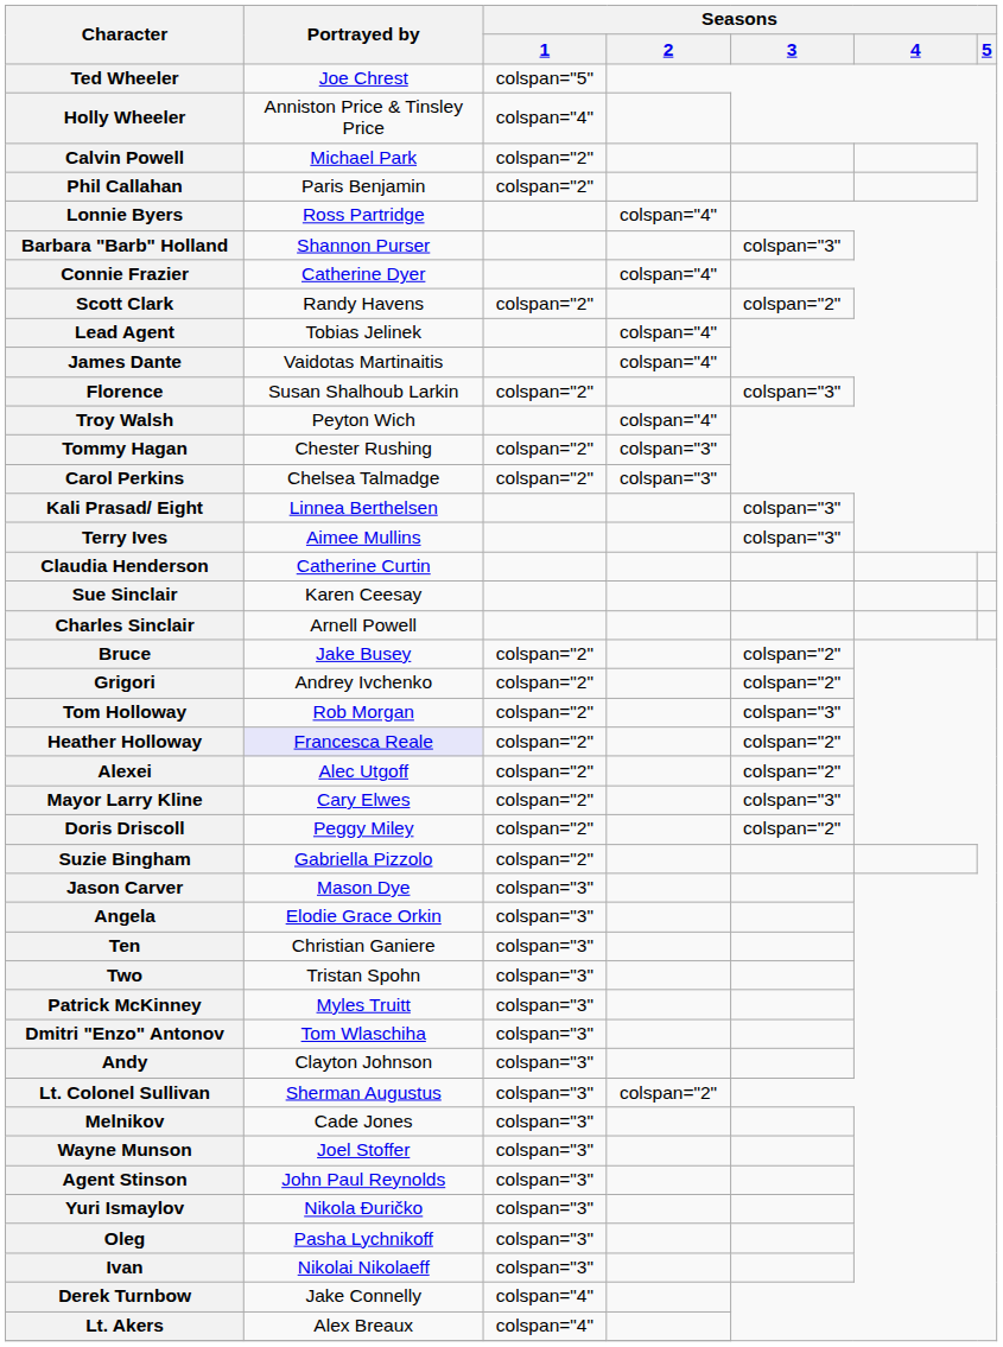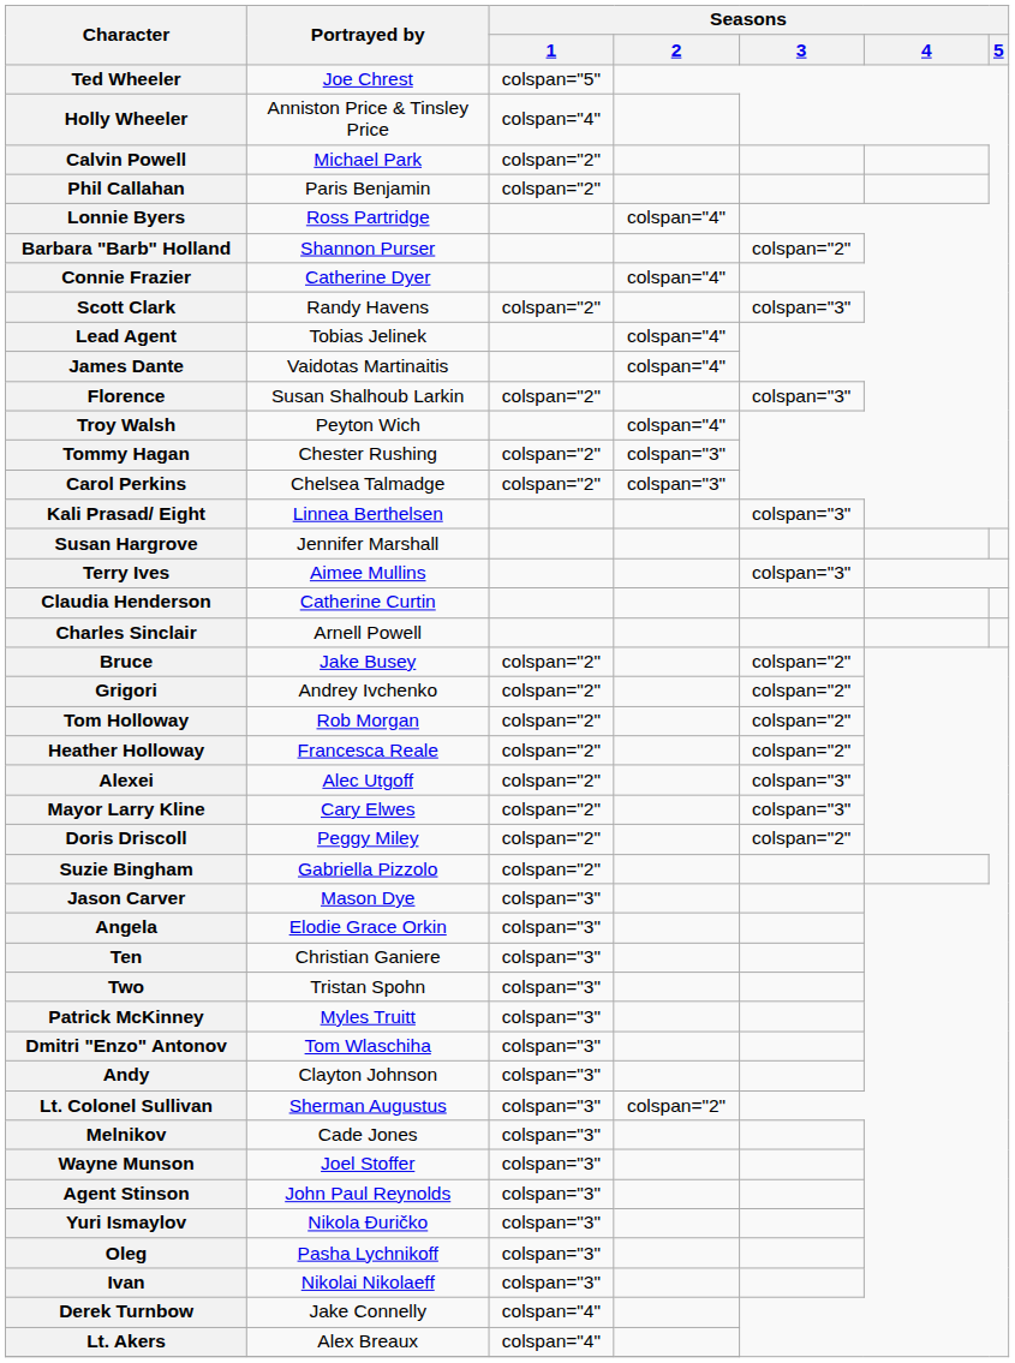 <table class="wikitable plainrowheaders" style="text-align:center">
 <tr>
 <th scope="col" rowspan="2" style="width:200px;">Character</th>
 <th scope="col" rowspan="2" style="width:200px;">Portrayed by</th>
 <th colspan="5" scope="col">Seasons</th>
 </tr>
 <tr>
 <th scope="col" style="width:100px;"><a href='#'>1</a></th>
 <th scope="col" style="width:100px;"><a href='#'>2</a></th>
 <th scope="col" style="width:100px;"><a href='#'>3</a></th>
 <th scope="col" style="width:100px;"><a href='#'>4</a></th>
 <th><a href='#'>5</a></th>
 </tr>
 <tr>
 <th scope="row">Ted Wheeler</th>
 <td><a href='#'>Joe Chrest</a></td>
 <td>colspan="5" </td>
 </tr>
 <tr>
 <th scope="row">Holly Wheeler</th>
 <td>Anniston Price & Tinsley Price</td>
 <td>colspan="4" </td>
 <td></td>
 </tr>
 <tr>
 <th scope="row">Calvin Powell</th>
 <td><a href='#'>Michael Park</a></td>
 <td>colspan="2" </td>
 <td></td>
 <td></td>
 <td></td>
 </tr>
 <tr>
 <th scope="row">Phil Callahan</th>
 <td>Paris Benjamin</td>
 <td>colspan="2" </td>
 <td></td>
 <td></td>
 <td></td>
 </tr>
 <tr>
 <th scope="row">Lonnie Byers</th>
 <td><a href='#'>Ross Partridge</a></td>
 <td></td>
 <td>colspan="4" </td>
 </tr>
 <tr>
 <th scope="row">Barbara "Barb" Holland</th>
 <td><a href='#'>Shannon Purser</a></td>
 <td></td>
 <td></td>
-<td>colspan="3" </td>
+<td>colspan="2" </td>
 </tr>
 <tr>
 <th scope="row">Connie Frazier</th>
 <td><a href='#'>Catherine Dyer</a></td>
 <td></td>
 <td>colspan="4" </td>
 </tr>
 <tr>
 <th scope="row">Scott Clark</th>
 <td>Randy Havens</td>
 <td>colspan="2" </td>
 <td></td>
-<td>colspan="2" </td>
+<td>colspan="3" </td>
 </tr>
 <tr>
 <th scope="row">Lead Agent</th>
 <td>Tobias Jelinek</td>
 <td></td>
 <td>colspan="4" </td>
 </tr>
 <tr>
 <th scope="row">James Dante</th>
 <td>Vaidotas Martinaitis</td>
 <td></td>
 <td>colspan="4" </td>
 </tr>
 <tr>
 <th scope="row">Florence</th>
 <td>Susan Shalhoub Larkin</td>
 <td>colspan="2" </td>
 <td></td>
 <td>colspan="3" </td>
 </tr>
 <tr>
 <th scope="row">Troy Walsh</th>
 <td>Peyton Wich</td>
 <td></td>
 <td>colspan="4" </td>
 </tr>
 <tr>
 <th scope="row">Tommy Hagan</th>
 <td>Chester Rushing</td>
 <td>colspan="2" </td>
 <td>colspan="3" </td>
 </tr>
 <tr>
 <th scope="row">Carol Perkins</th>
 <td>Chelsea Talmadge</td>
 <td>colspan="2" </td>
 <td>colspan="3" </td>
 </tr>
 <tr>
 <th scope="row">Kali Prasad/ Eight</th>
 <td><a href='#'>Linnea Berthelsen</a></td>
 <td></td>
 <td></td>
 <td>colspan="3" </td>
 </tr>
 <tr>
+<th scope="row">Susan Hargrove</th>
+<td>Jennifer Marshall</td>
+<td></td>
+<td></td>
+<td></td>
+<td></td>
+<td></td>
+</tr>
+<tr>
 <th scope="row">Terry Ives</th>
 <td><a href='#'>Aimee Mullins</a></td>
 <td></td>
 <td></td>
 <td>colspan="3" </td>
 </tr>
 <tr>
 <th scope="row">Claudia Henderson</th>
 <td><a href='#'>Catherine Curtin</a></td>
-<td></td>
-<td></td>
-<td></td>
-<td></td>
-<td></td>
-</tr>
-<tr>
-<th scope="row">Sue Sinclair</th>
-<td>Karen Ceesay</td>
 <td></td>
 <td></td>
 <td></td>
 <td></td>
 <td></td>
 </tr>
 <tr>
 <th scope="row">Charles Sinclair</th>
 <td>Arnell Powell</td>
 <td></td>
 <td></td>
 <td></td>
 <td></td>
 <td></td>
 </tr>
 <tr>
 <th scope="row">Bruce</th>
 <td><a href='#'>Jake Busey</a></td>
 <td>colspan="2" </td>
 <td></td>
 <td>colspan="2" </td>
 </tr>
 <tr>
 <th scope="row">Grigori</th>
 <td>Andrey Ivchenko</td>
 <td>colspan="2" </td>
 <td></td>
 <td>colspan="2" </td>
 </tr>
 <tr>
 <th scope="row">Tom Holloway</th>
 <td><a href='#'>Rob Morgan</a></td>
 <td>colspan="2" </td>
 <td></td>
-<td>colspan="3" </td>
+<td>colspan="2" </td>
 </tr>
 <tr>
 <th scope="row">Heather Holloway</th>
-<td style="background: lavender;"><a href='#'>Francesca Reale</a></td>
+<td><a href='#'>Francesca Reale</a></td>
 <td>colspan="2" </td>
 <td></td>
 <td>colspan="2"</td>
 </tr>
 <tr>
 <th scope="row">Alexei</th>
 <td><a href='#'>Alec Utgoff</a></td>
 <td>colspan="2" </td>
 <td></td>
-<td>colspan="2" </td>
+<td>colspan="3" </td>
 </tr>
 <tr>
 <th scope="row">Mayor Larry Kline</th>
 <td><a href='#'>Cary Elwes</a></td>
 <td>colspan="2" </td>
 <td></td>
 <td>colspan="3" </td>
 </tr>
 <tr>
 <th scope="row">Doris Driscoll</th>
 <td><a href='#'>Peggy Miley</a></td>
 <td>colspan="2" </td>
 <td></td>
 <td>colspan="2"</td>
 </tr>
 <tr>
 <th scope="row">Suzie Bingham</th>
 <td><a href='#'>Gabriella Pizzolo</a></td>
 <td>colspan="2" </td>
 <td></td>
 <td></td>
 <td></td>
 </tr>
 <tr>
 <th scope="row">Jason Carver</th>
 <td><a href='#'>Mason Dye</a></td>
 <td>colspan="3" </td>
 <td></td>
 <td></td>
 </tr>
 <tr>
 <th scope="row">Angela</th>
 <td><a href='#'>Elodie Grace Orkin</a></td>
 <td>colspan="3" </td>
 <td></td>
 <td></td>
 </tr>
 <tr>
 <th scope="row">Ten</th>
 <td>Christian Ganiere</td>
 <td>colspan="3" </td>
 <td></td>
 <td></td>
 </tr>
 <tr>
 <th scope="row">Two</th>
 <td>Tristan Spohn</td>
 <td>colspan="3" </td>
 <td></td>
 <td></td>
 </tr>
 <tr>
 <th scope="row">Patrick McKinney</th>
 <td><a href='#'>Myles Truitt</a></td>
 <td>colspan="3" </td>
 <td></td>
 <td></td>
 </tr>
 <tr>
 <th scope="row">Dmitri "Enzo" Antonov</th>
 <td><a href='#'>Tom Wlaschiha</a></td>
 <td>colspan="3"</td>
 <td></td>
 <td></td>
 </tr>
 <tr>
 <th scope="row">Andy</th>
 <td>Clayton Johnson</td>
 <td>colspan="3" </td>
 <td></td>
 <td></td>
 </tr>
 <tr>
 <th scope="row">Lt. Colonel Sullivan</th>
 <td><a href='#'>Sherman Augustus</a></td>
 <td>colspan="3" </td>
 <td>colspan="2" </td>
 </tr>
 <tr>
 <th scope="row">Melnikov</th>
 <td>Cade Jones</td>
 <td>colspan="3" </td>
 <td></td>
 <td></td>
 </tr>
 <tr>
 <th scope="row">Wayne Munson</th>
 <td><a href='#'>Joel Stoffer</a></td>
 <td>colspan="3" </td>
 <td></td>
 <td></td>
 </tr>
 <tr>
 <th scope="row">Agent Stinson</th>
 <td><a href='#'>John Paul Reynolds</a></td>
 <td>colspan="3" </td>
 <td></td>
 <td></td>
 </tr>
 <tr>
 <th scope="row">Yuri Ismaylov</th>
 <td><a href='#'>Nikola Đuričko</a></td>
 <td>colspan="3" </td>
 <td></td>
 <td></td>
 </tr>
 <tr>
 <th scope="row">Oleg</th>
 <td><a href='#'>Pasha Lychnikoff</a></td>
 <td>colspan="3" </td>
 <td></td>
 <td></td>
 </tr>
 <tr>
 <th scope="row">Ivan</th>
 <td><a href='#'>Nikolai Nikolaeff</a></td>
 <td>colspan="3" </td>
 <td></td>
 <td></td>
 </tr>
 <tr>
 <th scope="row">Derek Turnbow</th>
 <td>Jake Connelly</td>
 <td>colspan="4" </td>
 <td></td>
 </tr>
 <tr>
 <th scope="row">Lt. Akers</th>
 <td>Alex Breaux</td>
 <td>colspan="4" </td>
 <td></td>
 </tr>
 <tr>
 </tr>
 </table>
